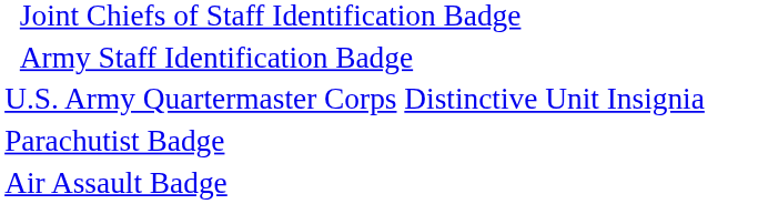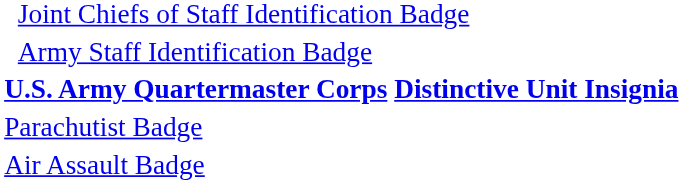 <table>
 <tr>
 <td>  <a href='#'>Joint Chiefs of Staff Identification Badge</a></td>
 </tr>
 <tr>
 <td>  <a href='#'>Army Staff Identification Badge</a></td>
 </tr>
 <tr>
-<td> <a href='#'>U.S. Army Quartermaster Corps</a> <a href='#'>Distinctive Unit Insignia</a></td>
+<td><strong> <a href='#'>U.S. Army Quartermaster Corps</a> <a href='#'>Distinctive Unit Insignia</a></strong></td>
 </tr>
 <tr>
 <td> <a href='#'>Parachutist Badge</a></td>
 </tr>
 <tr>
 <td> <a href='#'>Air Assault Badge</a></td>
 </tr>
 </table>
